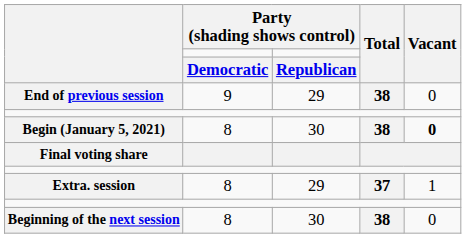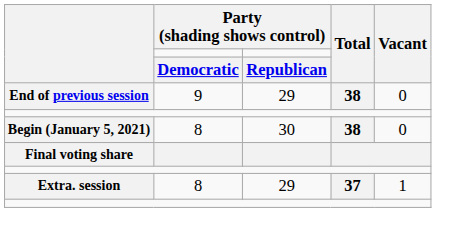 <table class="wikitable" style="text-align:center">
 <tr>
 <th rowspan="3" scope="col"> </th>
 <th colspan="2" scope="col">Party<div>(shading shows control)</div></th>
 <th rowspan="3" scope="col">Total</th>
 <th rowspan="3" scope="col">Vacant</th>
 </tr>
 <tr style="height:5px">
 <td style="background-color:"></td>
 <td style="background-color:"></td>
 </tr>
 <tr>
 <th scope="col"><a href='#'>Democratic</a></th>
 <th scope="col"><a href='#'>Republican</a></th>
 </tr>
 <tr>
 <th scope="row" style="font-size:85%">End of <a href='#'>previous session</a></th>
 <td>9</td>
 <td>29</td>
 <th>38</th>
 <td>0</td>
 </tr>
 <tr>
 <td colspan="5"></td>
 </tr>
 <tr>
 <th scope="row" style="font-size:85%">Begin (January 5, 2021)</th>
 <td>8</td>
 <td>30</td>
 <th>38</th>
-<td><strong>0</strong></td>
+<td>0</td>
 </tr>
 <tr>
 <th scope="row" style="font-size:85%">Final voting share</th>
 <th></th>
 <th></th>
 <th colspan="2"></th>
 </tr>
 <tr>
 <td colspan="5"></td>
 </tr>
 <tr>
 <th scope="row" style="font-size:85%">Extra. session</th>
 <td>8</td>
 <td>29</td>
 <th>37</th>
 <td>1</td>
 </tr>
 <tr>
 <td colspan="5"></td>
 </tr>
-<tr>
-<th scope="row" style="font-size:85%">Beginning of the <a href='#'>next session</a></th>
-<td>8</td>
-<td>30</td>
-<th>38</th>
-<td>0</td>
-</tr>
 </table>
